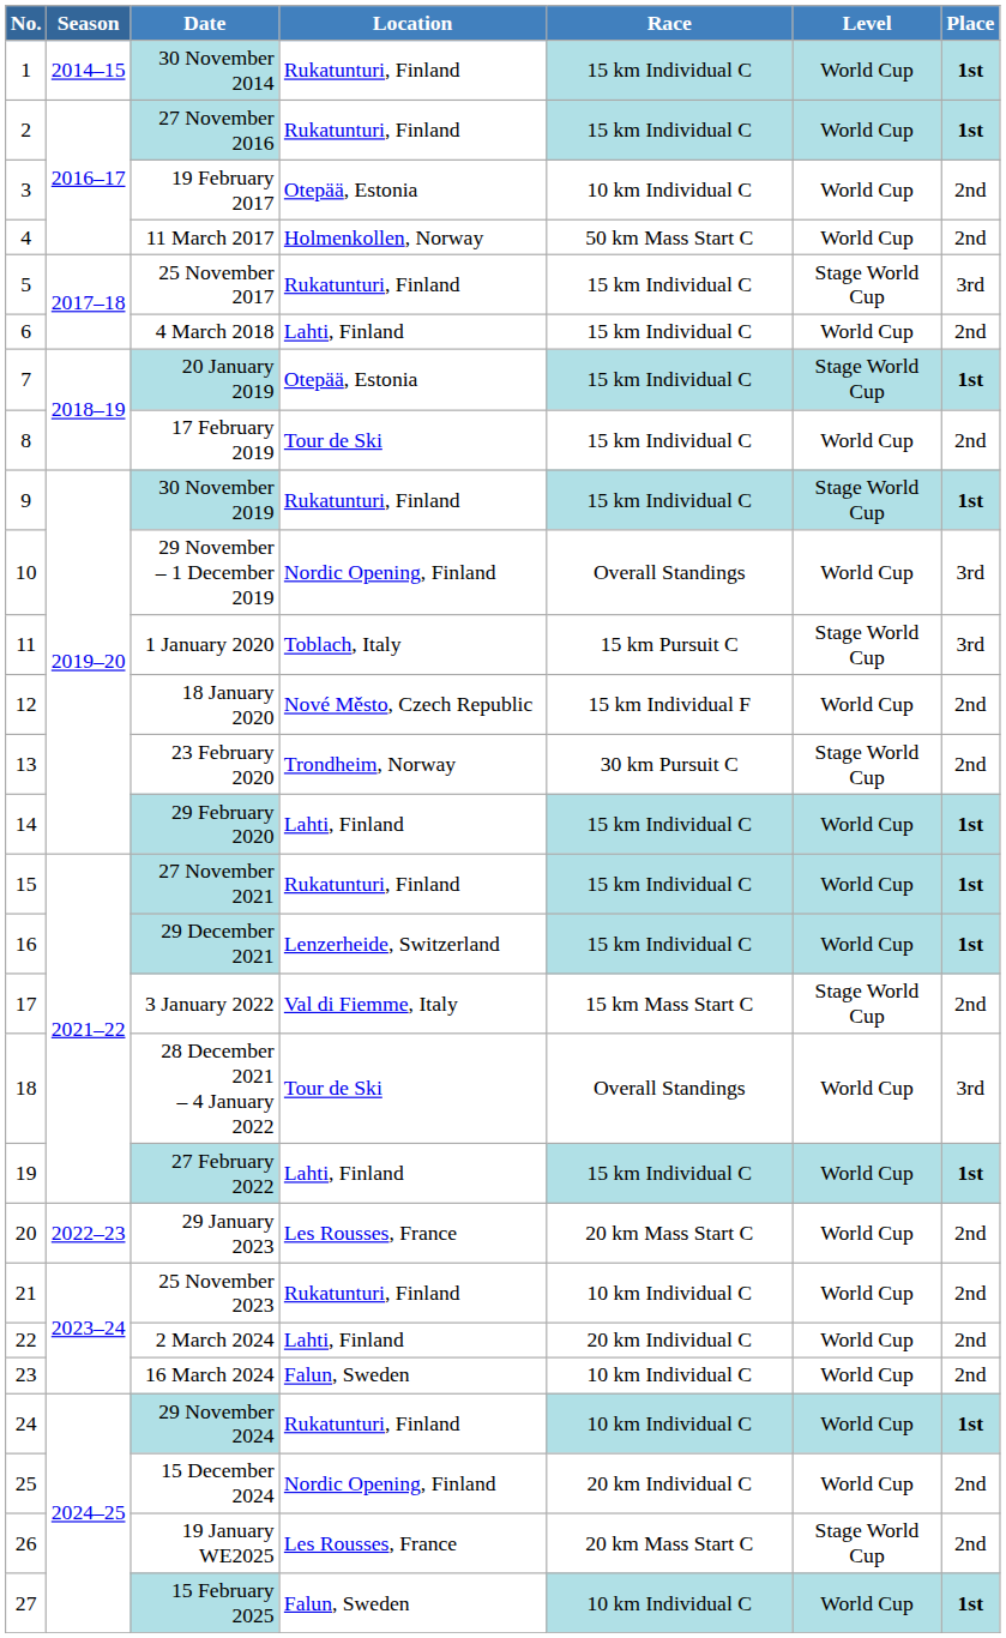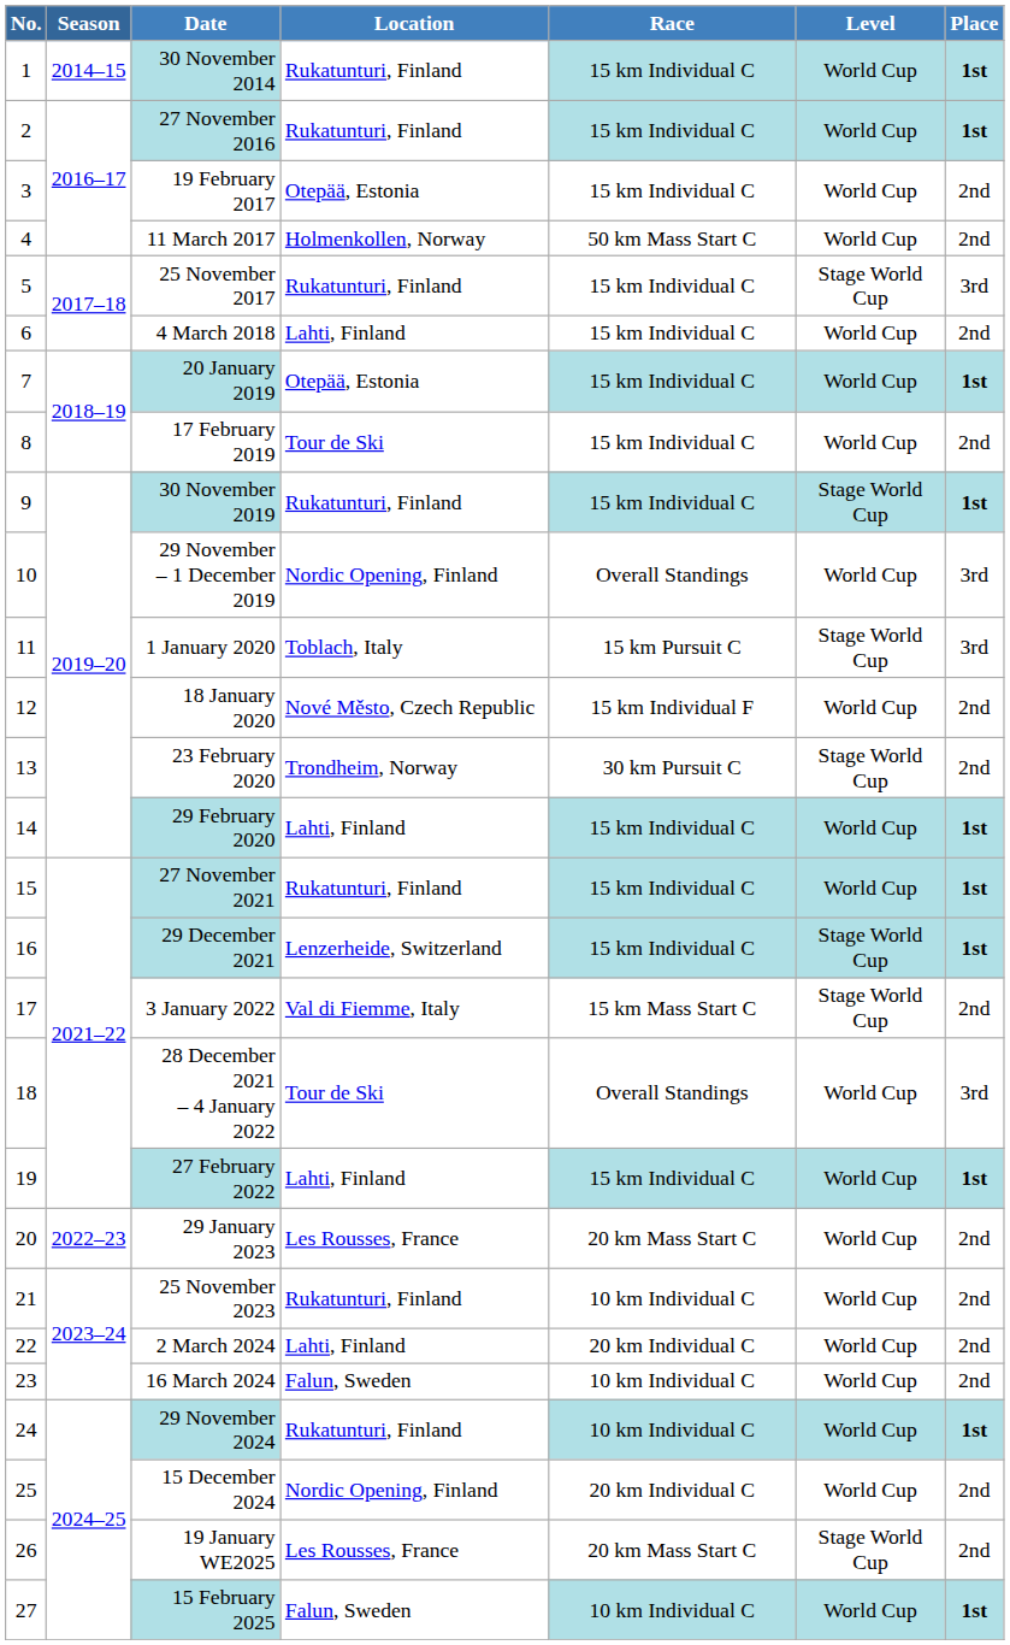 <table class="wikitable sortable" style="font-size:95%; text-align:center; border:grey solid 1px; border-collapse:collapse; background:#ffffff;">
 <tr style="background:#efefef;">
 <th style="background-color:#369; color:white;">No.</th>
 <th style="background-color:#369; color:white;">Season</th>
 <th style="background-color:#4180be; color:white; width:100px;">Date</th>
 <th style="background-color:#4180be; color:white; width:185px;">Location</th>
 <th style="background-color:#4180be; color:white; width:170px;">Race</th>
 <th style="background-color:#4180be; color:white; width:100px;">Level</th>
 <th style="background-color:#4180be; color:white;">Place</th>
 </tr>
 <tr>
 <td align=center>1</td>
 <td align="center"><a href='#'>2014–15</a></td>
 <td bgcolor="#BOEOE6" align=right>30 November 2014</td>
 <td align=left> <a href='#'>Rukatunturi</a>, Finland</td>
 <td bgcolor="#BOEOE6">15 km Individual C</td>
 <td bgcolor="#BOEOE6">World Cup</td>
 <td bgcolor="#BOEOE6"><strong>1st</strong></td>
 </tr>
 <tr>
 <td align=center>2</td>
 <td rowspan="3" align="center"><a href='#'>2016–17</a></td>
 <td bgcolor="#BOEOE6" align=right>27 November 2016</td>
 <td align=left> <a href='#'>Rukatunturi</a>, Finland</td>
 <td bgcolor="#BOEOE6">15 km Individual C</td>
 <td bgcolor="#BOEOE6">World Cup</td>
 <td bgcolor="#BOEOE6"><strong>1st</strong></td>
 </tr>
 <tr>
 <td align=center>3</td>
 <td align=right>19 February 2017</td>
 <td align="left"> <a href='#'>Otepää</a>, Estonia</td>
-<td>10 km Individual C</td>
+<td>15 km Individual C</td>
 <td>World Cup</td>
 <td>2nd</td>
 </tr>
 <tr>
 <td align=center>4</td>
 <td align=right>11 March 2017</td>
 <td align="left"> <a href='#'>Holmenkollen</a>, Norway</td>
 <td>50 km Mass Start C</td>
 <td>World Cup</td>
 <td>2nd</td>
 </tr>
 <tr>
 <td align=center>5</td>
 <td rowspan=2 align=center><a href='#'>2017–18</a></td>
 <td align=right>25 November 2017</td>
 <td align=left> <a href='#'>Rukatunturi</a>, Finland</td>
 <td>15 km Individual C</td>
 <td>Stage World Cup</td>
 <td>3rd</td>
 </tr>
 <tr>
 <td align=center>6</td>
 <td align=right>4 March 2018</td>
 <td align=left> <a href='#'>Lahti</a>, Finland</td>
 <td>15 km Individual C</td>
 <td>World Cup</td>
 <td>2nd</td>
 </tr>
 <tr>
 <td align=center>7</td>
 <td rowspan=2 align=center><a href='#'>2018–19</a></td>
 <td bgcolor="#BOEOE6" align=right>20 January 2019</td>
 <td align=left> <a href='#'>Otepää</a>, Estonia</td>
 <td bgcolor="#BOEOE6">15 km Individual C</td>
-<td bgcolor="#BOEOE6">Stage World Cup</td>
+<td bgcolor="#BOEOE6">World Cup</td>
 <td bgcolor="#BOEOE6"><strong>1st</strong></td>
 </tr>
 <tr>
 <td align=center>8</td>
 <td align=right>17 February 2019</td>
 <td align=left> <a href='#'>Tour de Ski</a></td>
 <td>15 km Individual C</td>
 <td>World Cup</td>
 <td>2nd</td>
 </tr>
 <tr>
 <td align=center>9</td>
 <td rowspan=6 align=center><a href='#'>2019–20</a></td>
 <td bgcolor="#BOEOE6" align=right>30 November 2019</td>
 <td align=left> <a href='#'>Rukatunturi</a>, Finland</td>
 <td bgcolor="#BOEOE6">15 km Individual C</td>
 <td bgcolor="#BOEOE6">Stage World Cup</td>
 <td bgcolor="#BOEOE6"><strong>1st</strong></td>
 </tr>
 <tr>
 <td align=center>10</td>
 <td align=right>29 November<br>– 1 December 2019</td>
 <td align=left> <a href='#'>Nordic Opening</a>, Finland</td>
 <td>Overall Standings</td>
 <td>World Cup</td>
 <td>3rd</td>
 </tr>
 <tr>
 <td align=center>11</td>
 <td align=right>1 January 2020</td>
 <td align=left> <a href='#'>Toblach</a>, Italy</td>
 <td>15 km Pursuit C</td>
 <td>Stage World Cup</td>
 <td>3rd</td>
 </tr>
 <tr>
 <td align=center>12</td>
 <td align=right>18 January 2020</td>
 <td align=left> <a href='#'>Nové Město</a>, Czech Republic</td>
 <td>15 km Individual F</td>
 <td>World Cup</td>
 <td>2nd</td>
 </tr>
 <tr>
 <td align=center>13</td>
 <td align=right>23 February 2020</td>
 <td align=left> <a href='#'>Trondheim</a>, Norway</td>
 <td>30 km Pursuit C</td>
 <td>Stage World Cup</td>
 <td>2nd</td>
 </tr>
 <tr>
 <td align=center>14</td>
 <td bgcolor="#BOEOE6" align=right>29 February 2020</td>
 <td align=left> <a href='#'>Lahti</a>, Finland</td>
 <td bgcolor="#BOEOE6">15 km Individual C</td>
 <td bgcolor="#BOEOE6">World Cup</td>
 <td bgcolor="#BOEOE6"><strong>1st</strong></td>
 </tr>
 <tr>
 <td align=center>15</td>
 <td rowspan=5 align=center><a href='#'>2021–22</a></td>
 <td bgcolor="#BOEOE6" align=right>27 November 2021</td>
 <td align=left> <a href='#'>Rukatunturi</a>, Finland</td>
 <td bgcolor="#BOEOE6">15 km Individual C</td>
 <td bgcolor="#BOEOE6">World Cup</td>
 <td bgcolor="#BOEOE6"><strong>1st</strong></td>
 </tr>
 <tr>
 <td align=center>16</td>
 <td bgcolor="#BOEOE6" align=right>29 December 2021</td>
 <td align=left> <a href='#'>Lenzerheide</a>, Switzerland</td>
 <td bgcolor="#BOEOE6">15 km Individual C</td>
-<td bgcolor="#BOEOE6">World Cup</td>
+<td bgcolor="#BOEOE6">Stage World Cup</td>
 <td bgcolor="#BOEOE6"><strong>1st</strong></td>
 </tr>
 <tr>
 <td align=center>17</td>
 <td align=right>3 January 2022</td>
 <td align=left> <a href='#'>Val di Fiemme</a>, Italy</td>
 <td>15 km Mass Start C</td>
 <td>Stage World Cup</td>
 <td>2nd</td>
 </tr>
 <tr>
 <td align=center>18</td>
 <td align=right>28 December 2021<br>– 4 January 2022</td>
 <td align=left> <a href='#'>Tour de Ski</a></td>
 <td>Overall Standings</td>
 <td>World Cup</td>
 <td>3rd</td>
 </tr>
 <tr>
 <td align=center>19</td>
 <td bgcolor="#BOEOE6" align=right>27 February 2022</td>
 <td align=left> <a href='#'>Lahti</a>, Finland</td>
 <td bgcolor="#BOEOE6">15 km Individual C</td>
 <td bgcolor="#BOEOE6">World Cup</td>
 <td bgcolor="#BOEOE6"><strong>1st</strong></td>
 </tr>
 <tr>
 <td align=center>20</td>
 <td rowspan=1 align=center><a href='#'>2022–23</a></td>
 <td align=right>29 January 2023</td>
 <td align=left> <a href='#'>Les Rousses</a>, France</td>
 <td>20 km Mass Start C</td>
 <td>World Cup</td>
 <td>2nd</td>
 </tr>
 <tr>
 <td align=center>21</td>
 <td rowspan=3 align=center><a href='#'>2023–24</a></td>
 <td align=right>25 November 2023</td>
 <td align=left> <a href='#'>Rukatunturi</a>, Finland</td>
 <td>10 km Individual C</td>
 <td>World Cup</td>
 <td>2nd</td>
 </tr>
 <tr>
 <td align=center>22</td>
 <td align=right>2 March 2024</td>
 <td align=left> <a href='#'>Lahti</a>, Finland</td>
 <td>20 km Individual C</td>
 <td>World Cup</td>
 <td>2nd</td>
 </tr>
 <tr>
 <td align=center>23</td>
 <td align=right>16 March 2024</td>
 <td align=left> <a href='#'>Falun</a>, Sweden</td>
 <td>10 km Individual C</td>
 <td>World Cup</td>
 <td>2nd</td>
 </tr>
 <tr>
 <td align=center>24</td>
 <td rowspan=4 align=center><a href='#'>2024–25</a></td>
 <td bgcolor="#BOEOE6" align=right>29 November 2024</td>
 <td align=left> <a href='#'>Rukatunturi</a>, Finland</td>
 <td bgcolor="#BOEOE6">10 km Individual C</td>
 <td bgcolor="#BOEOE6">World Cup</td>
 <td bgcolor="#BOEOE6"><strong>1st</strong></td>
 </tr>
 <tr>
 <td align=center>25</td>
 <td align=right>15 December 2024</td>
 <td align=left> <a href='#'>Nordic Opening</a>, Finland</td>
 <td>20 km Individual C</td>
 <td>World Cup</td>
 <td>2nd</td>
 </tr>
 <tr>
 <td align=center>26</td>
 <td align=right>19 January WE2025</td>
 <td align=left> <a href='#'>Les Rousses</a>, France</td>
 <td>20 km Mass Start C</td>
 <td>Stage World Cup</td>
 <td>2nd</td>
 </tr>
 <tr>
 <td align=center>27</td>
 <td bgcolor="#BOEOE6" align=right>15 February 2025</td>
 <td align=left> <a href='#'>Falun</a>, Sweden</td>
 <td bgcolor="#BOEOE6">10 km Individual C</td>
 <td bgcolor="#BOEOE6">World Cup</td>
 <td bgcolor="#BOEOE6"><strong>1st</strong></td>
 </tr>
 </table>
